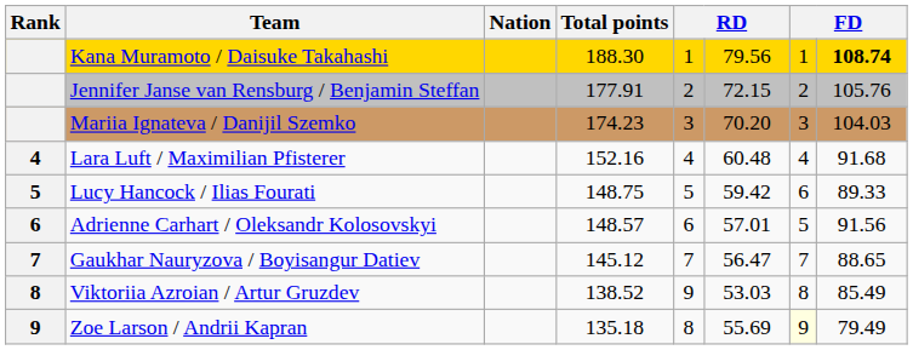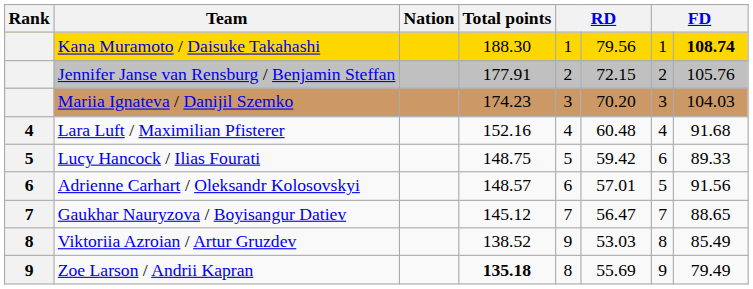 <table class="wikitable sortable" style="text-align:left">
 <tr>
 <th scope="col">Rank</th>
 <th scope="col">Team</th>
 <th scope="col">Nation</th>
 <th scope="col">Total points</th>
 <th scope="col" colspan="2" width="80px"><a href='#'>RD</a></th>
 <th scope="col" colspan="2" width="80px"><a href='#'>FD</a></th>
 </tr>
 <tr bgcolor="gold">
 <th scope="row"></th>
 <td><a href='#'>Kana Muramoto</a> / <a href='#'>Daisuke Takahashi</a></td>
 <td></td>
 <td align="center">188.30</td>
 <td align="center">1</td>
 <td align="center">79.56</td>
 <td align="center">1</td>
 <td align="center"><strong>108.74</strong></td>
 </tr>
 <tr bgcolor="silver">
 <th scope="row"></th>
 <td><a href='#'>Jennifer Janse van Rensburg</a> / <a href='#'>Benjamin Steffan</a></td>
 <td></td>
 <td align="center">177.91</td>
 <td align="center">2</td>
 <td align="center">72.15</td>
 <td align="center">2</td>
 <td align="center">105.76</td>
 </tr>
 <tr bgcolor="cc9966">
 <th scope="row"></th>
 <td><a href='#'>Mariia Ignateva</a> / <a href='#'>Danijil Szemko</a></td>
 <td></td>
 <td align="center">174.23</td>
 <td align="center">3</td>
 <td align="center">70.20</td>
 <td align="center">3</td>
 <td align="center">104.03</td>
 </tr>
 <tr>
 <th scope="row">4</th>
 <td><a href='#'>Lara Luft</a> / <a href='#'>Maximilian Pfisterer</a></td>
 <td></td>
 <td align="center">152.16</td>
 <td align="center">4</td>
 <td align="center">60.48</td>
 <td align="center">4</td>
 <td align="center">91.68</td>
 </tr>
 <tr>
 <th scope="row">5</th>
 <td><a href='#'>Lucy Hancock</a> / <a href='#'>Ilias Fourati</a></td>
 <td></td>
 <td align="center">148.75</td>
 <td align="center">5</td>
 <td align="center">59.42</td>
 <td align="center">6</td>
 <td align="center">89.33</td>
 </tr>
 <tr>
 <th scope="row">6</th>
 <td><a href='#'>Adrienne Carhart</a> / <a href='#'>Oleksandr Kolosovskyi</a></td>
 <td></td>
 <td align="center">148.57</td>
 <td align="center">6</td>
 <td align="center">57.01</td>
 <td align="center">5</td>
 <td align="center">91.56</td>
 </tr>
 <tr>
 <th scope="row">7</th>
 <td><a href='#'>Gaukhar Nauryzova</a> / <a href='#'>Boyisangur Datiev</a></td>
 <td></td>
 <td align="center">145.12</td>
 <td align="center">7</td>
 <td align="center">56.47</td>
 <td align="center">7</td>
 <td align="center">88.65</td>
 </tr>
 <tr>
 <th scope="row">8</th>
 <td><a href='#'>Viktoriia Azroian</a> / <a href='#'>Artur Gruzdev</a></td>
 <td></td>
 <td align="center">138.52</td>
 <td align="center">9</td>
 <td align="center">53.03</td>
 <td align="center">8</td>
 <td align="center">85.49</td>
 </tr>
 <tr>
 <th scope="row">9</th>
 <td><a href='#'>Zoe Larson</a> / <a href='#'>Andrii Kapran</a></td>
 <td></td>
-<td align="center">135.18</td>
+<td align="center"><strong>135.18</strong></td>
 <td align="center">8</td>
 <td align="center">55.69</td>
-<td align="center" style="background: lightyellow;">9</td>
+<td align="center">9</td>
 <td align="center">79.49</td>
 </tr>
 </table>
